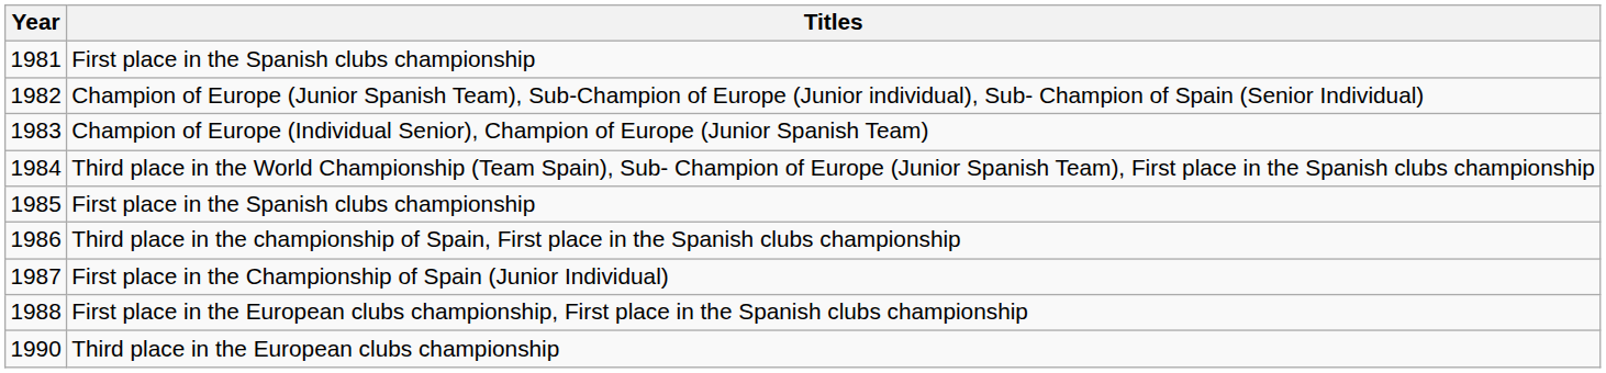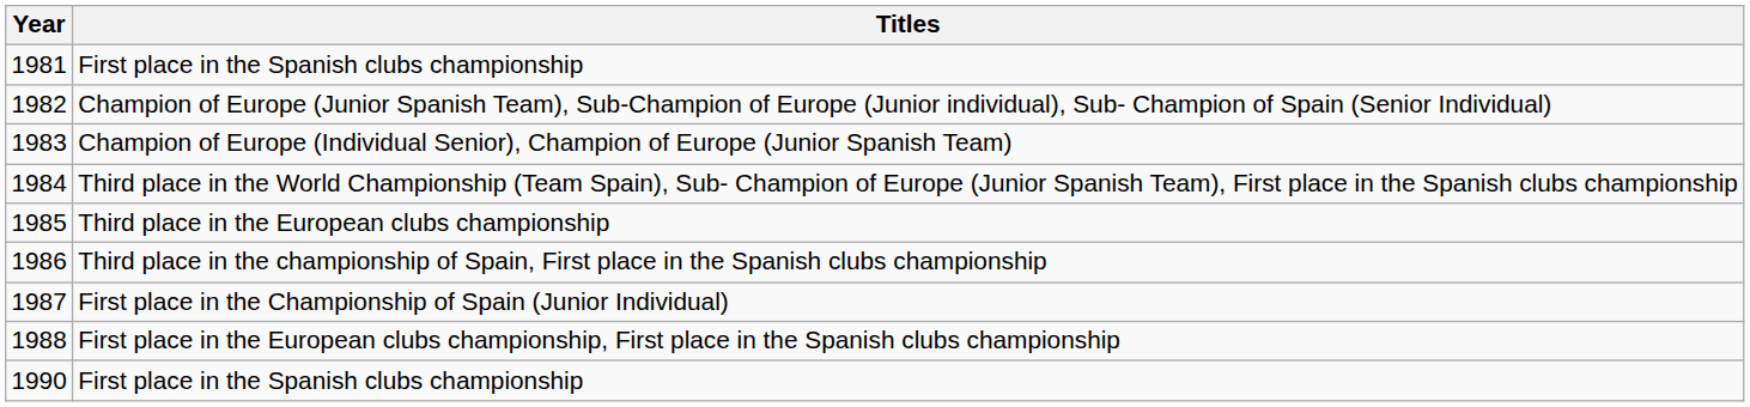 <table class="wikitable">
 <tr>
 <th>Year</th>
 <th>Titles</th>
 </tr>
 <tr>
 <td>1981</td>
 <td>First place in the Spanish clubs championship</td>
 </tr>
 <tr>
 <td>1982</td>
 <td>Champion of Europe (Junior Spanish Team), Sub-Champion of Europe (Junior individual), Sub- Champion of Spain (Senior Individual)</td>
 </tr>
 <tr>
 <td>1983</td>
 <td>Champion of Europe (Individual Senior), Champion of Europe (Junior Spanish Team)</td>
 </tr>
 <tr>
 <td>1984</td>
 <td>Third place in the World Championship (Team Spain), Sub- Champion of Europe (Junior Spanish Team), First place in the Spanish clubs championship</td>
 </tr>
 <tr>
 <td>1985</td>
-<td>First place in the Spanish clubs championship</td>
+<td>Third place in the European clubs championship</td>
 </tr>
 <tr>
 <td>1986</td>
 <td>Third place in the championship of Spain, First place in the Spanish clubs championship</td>
 </tr>
 <tr>
 <td>1987</td>
 <td>First place in the Championship of Spain (Junior Individual)</td>
 </tr>
 <tr>
 <td>1988</td>
 <td>First place in the European clubs championship, First place in the Spanish clubs championship</td>
 </tr>
 <tr>
 <td>1990</td>
-<td>Third place in the European clubs championship</td>
+<td>First place in the Spanish clubs championship</td>
 </tr>
 </table>
